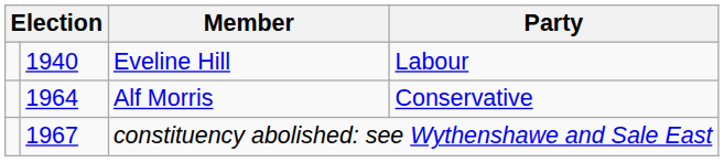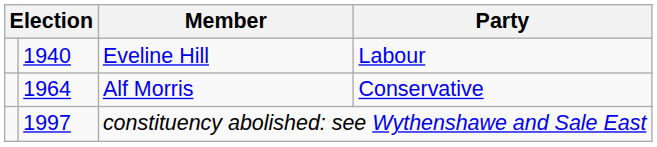 <table class="wikitable">
 <tr>
 <th colspan="2">Election</th>
 <th>Member</th>
 <th>Party</th>
 </tr>
 <tr>
 <td style="color:inherit;background-color: "></td>
 <td><a href='#'>1940</a></td>
 <td><a href='#'>Eveline Hill</a></td>
 <td><a href='#'>Labour</a></td>
 </tr>
 <tr>
 <td style="color:inherit;background-color: "></td>
 <td><a href='#'>1964</a></td>
 <td><a href='#'>Alf Morris</a></td>
 <td><a href='#'>Conservative</a></td>
 </tr>
 <tr>
 <td></td>
-<td><a href='#'>1967</a></td>
+<td><a href='#'>1997</a></td>
 <td colspan="2"><em>constituency abolished: see <a href='#'>Wythenshawe and Sale East</a> </em></td>
 </tr>
 </table>
